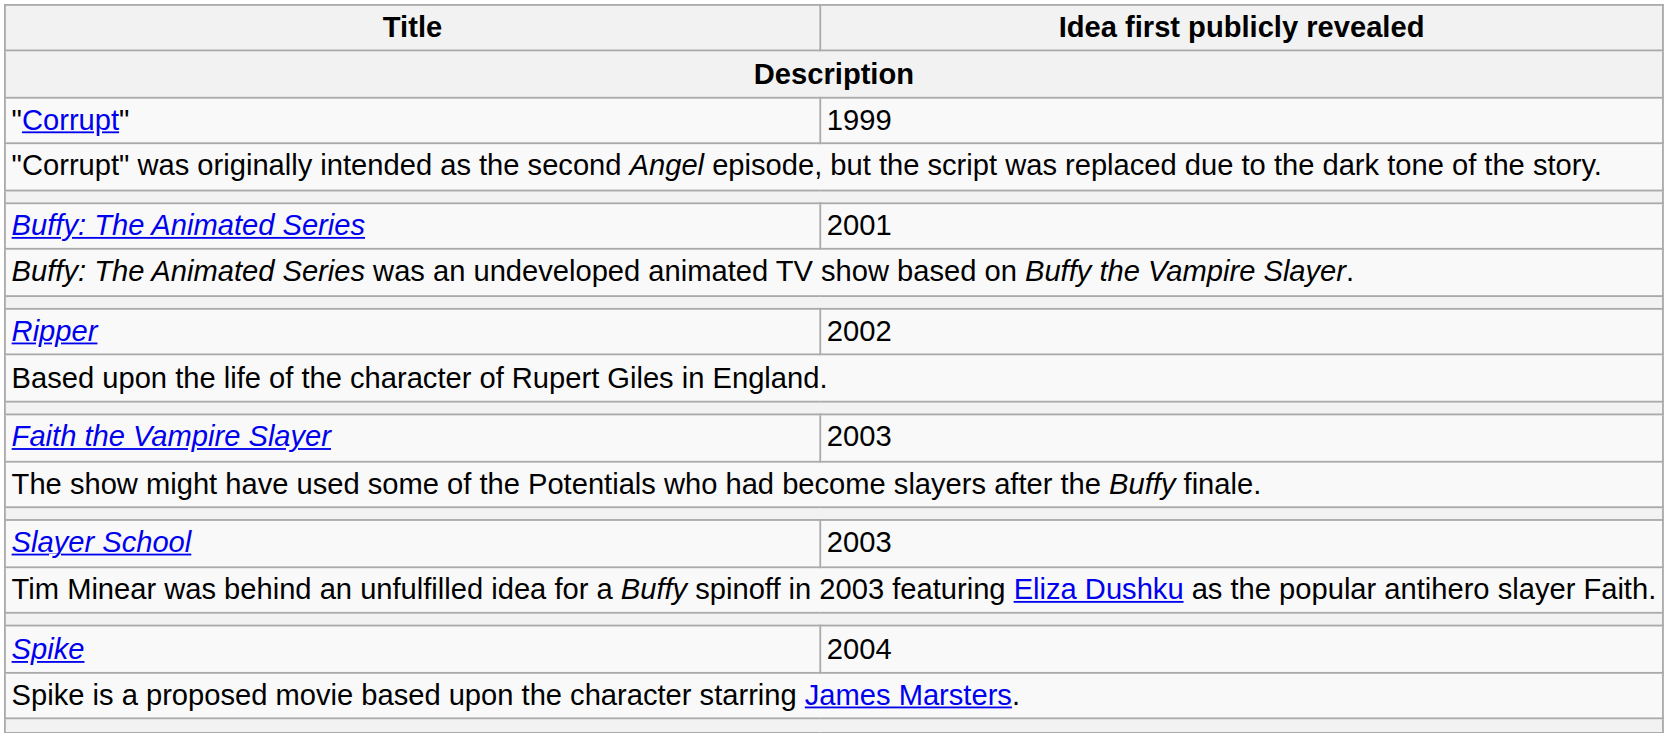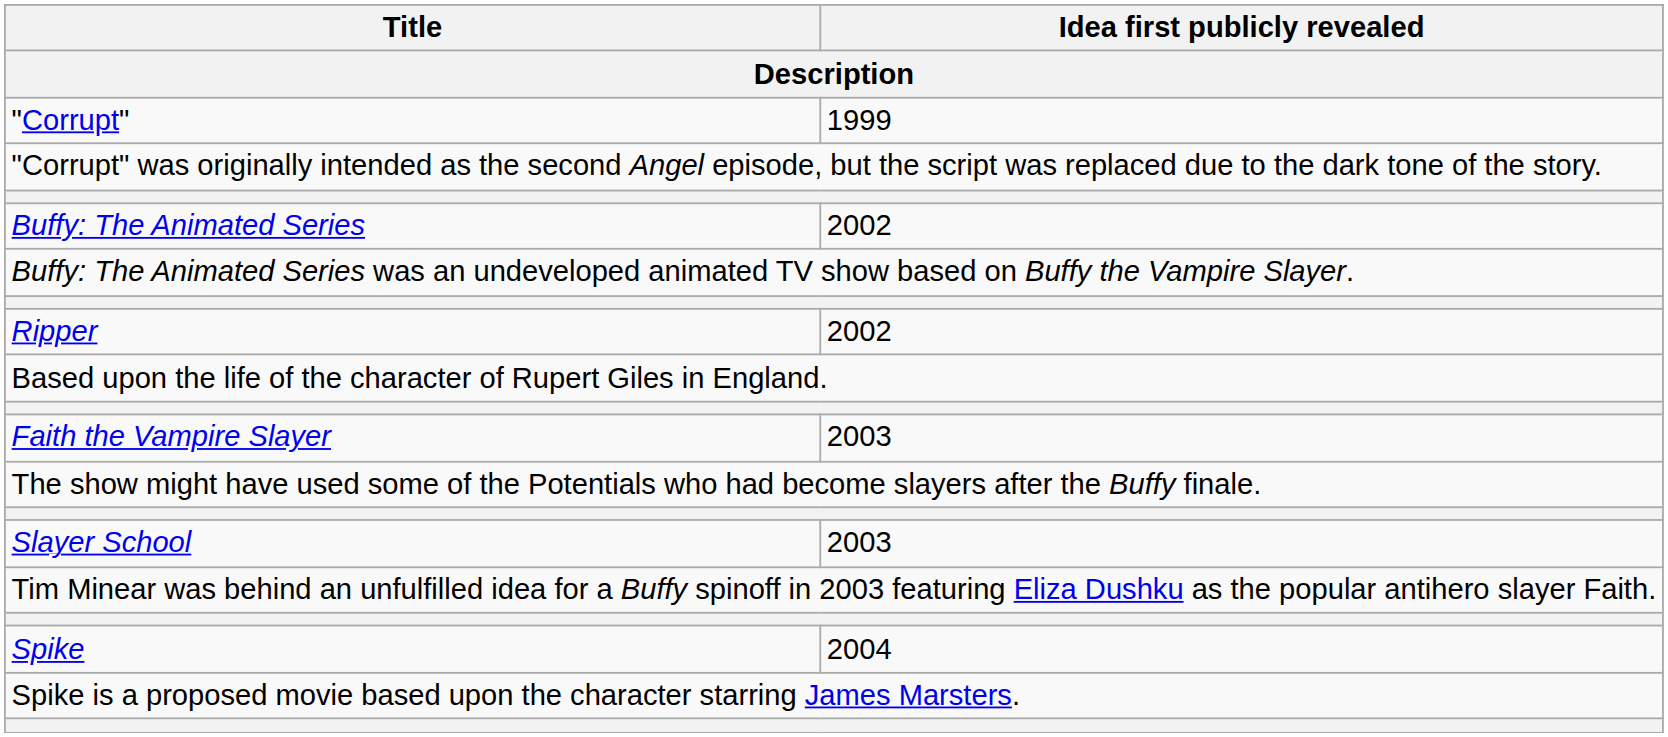 <table class="wikitable">
 <tr>
 <th>Title</th>
 <th>Idea first publicly revealed</th>
 </tr>
 <tr>
 <th colspan="2">Description</th>
 </tr>
 <tr>
 <td>"<a href='#'>Corrupt</a>"</td>
 <td>1999</td>
 </tr>
 <tr>
 <td colspan="2">"Corrupt" was originally intended as the second <em>Angel</em> episode, but the script was replaced due to the dark tone of the story.</td>
 </tr>
 <tr>
 <td colspan="2" bgcolor="#f2f2f2"></td>
 </tr>
 <tr>
 <td><em><a href='#'>Buffy: The Animated Series</a></em></td>
-<td>2001</td>
+<td>2002</td>
 </tr>
 <tr>
 <td colspan="2"><em>Buffy: The Animated Series</em> was an undeveloped animated TV show based on <em>Buffy the Vampire Slayer</em>.</td>
 </tr>
 <tr>
 <td colspan="2" bgcolor="#f2f2f2"></td>
 </tr>
 <tr>
 <td><a href='#'><em>Ripper</em></a></td>
 <td>2002</td>
 </tr>
 <tr>
 <td colspan="2">Based upon the life of the character of Rupert Giles in England.</td>
 </tr>
 <tr>
 <td colspan="2" bgcolor="#f2f2f2"></td>
 </tr>
 <tr>
 <td><a href='#'><em>Faith the Vampire Slayer</em></a></td>
 <td>2003</td>
 </tr>
 <tr>
 <td colspan="2">The show might have used some of the Potentials who had become slayers after the <em>Buffy</em> finale.</td>
 </tr>
 <tr>
 <td colspan="2" bgcolor="#f2f2f2"></td>
 </tr>
 <tr>
 <td><a href='#'><em>Slayer School</em></a></td>
 <td>2003</td>
 </tr>
 <tr>
 <td colspan="2">Tim Minear was behind an unfulfilled idea for a <em>Buffy</em> spinoff in 2003 featuring <a href='#'>Eliza Dushku</a> as the popular antihero slayer Faith.</td>
 </tr>
 <tr>
 <td colspan="2" bgcolor="#f2f2f2"></td>
 </tr>
 <tr>
 <td><a href='#'><em>Spike</em></a></td>
 <td>2004</td>
 </tr>
 <tr>
 <td colspan="2">Spike is a proposed movie based upon the character starring <a href='#'>James Marsters</a>.</td>
 </tr>
 <tr>
 <td colspan="2" bgcolor="#f2f2f2"></td>
 </tr>
 </table>
